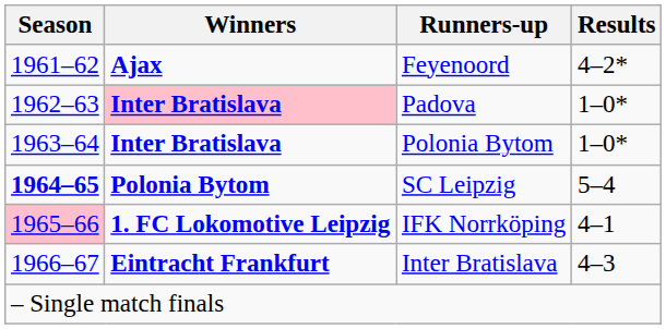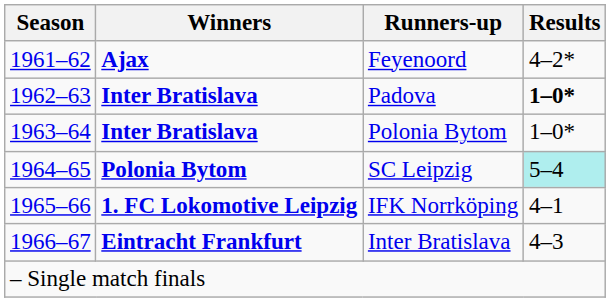 <table class="wikitable">
 <tr>
 <th>Season</th>
 <th>Winners</th>
 <th>Runners-up</th>
 <th>Results</th>
 </tr>
 <tr>
 <td><a href='#'>1961–62</a></td>
 <td> <strong><a href='#'>Ajax</a></strong></td>
 <td> <a href='#'>Feyenoord</a></td>
 <td>4–2*</td>
 </tr>
 <tr>
 <td><a href='#'>1962–63</a></td>
-<td style="background: pink;"> <strong><a href='#'>Inter Bratislava</a></strong></td>
+<td> <strong><a href='#'>Inter Bratislava</a></strong></td>
 <td> <a href='#'>Padova</a></td>
-<td>1–0*</td>
+<td><strong>1–0*</strong></td>
 </tr>
 <tr>
 <td><a href='#'>1963–64</a></td>
 <td> <strong><a href='#'>Inter Bratislava</a></strong></td>
 <td> <a href='#'>Polonia Bytom</a></td>
 <td>1–0*</td>
 </tr>
 <tr>
-<td><strong><a href='#'>1964–65</a></strong></td>
+<td><a href='#'>1964–65</a></td>
 <td> <strong><a href='#'>Polonia Bytom</a></strong></td>
 <td> <a href='#'>SC Leipzig</a></td>
-<td>5–4</td>
+<td style="background: paleturquoise;">5–4</td>
 </tr>
 <tr>
-<td style="background: pink;"><a href='#'>1965–66</a></td>
+<td><a href='#'>1965–66</a></td>
 <td> <strong><a href='#'>1. FC Lokomotive Leipzig</a></strong></td>
 <td> <a href='#'>IFK Norrköping</a></td>
 <td>4–1</td>
 </tr>
 <tr>
 <td><a href='#'>1966–67</a></td>
 <td> <strong><a href='#'>Eintracht Frankfurt</a></strong></td>
 <td> <a href='#'>Inter Bratislava</a></td>
 <td>4–3</td>
 </tr>
 <tr>
 <td colspan=6> – Single match finals</td>
 </tr>
 </table>
